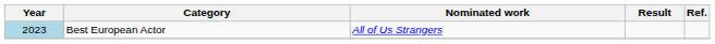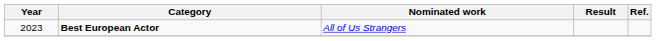 <table class=wikitable>
 <tr>
 <th scope="col" style="width:5em;">Year</th>
 <th scope="col" style="width:26em;">Category</th>
 <th scope="col" style="width:25em;">Nominated work</th>
 <th scope="col" style="width:5em;">Result</th>
 <th>Ref.</th>
 </tr>
 <tr>
-<td style="background: lightblue; text-align:center;">2023</td>
-<td>Best European Actor</td>
+<td style="text-align:center;">2023</td>
+<td><strong>Best European Actor</strong></td>
 <td><em><a href='#'>All of Us Strangers</a></em></td>
 <td></td>
 <td></td>
 </tr>
 <tr>
 </tr>
 </table>
